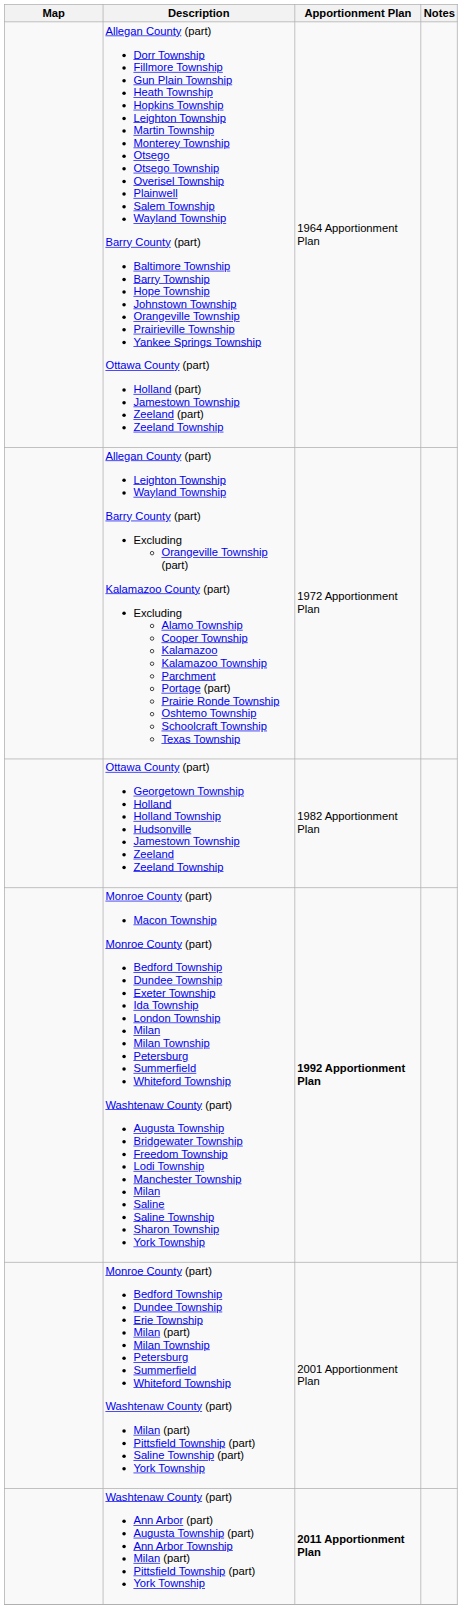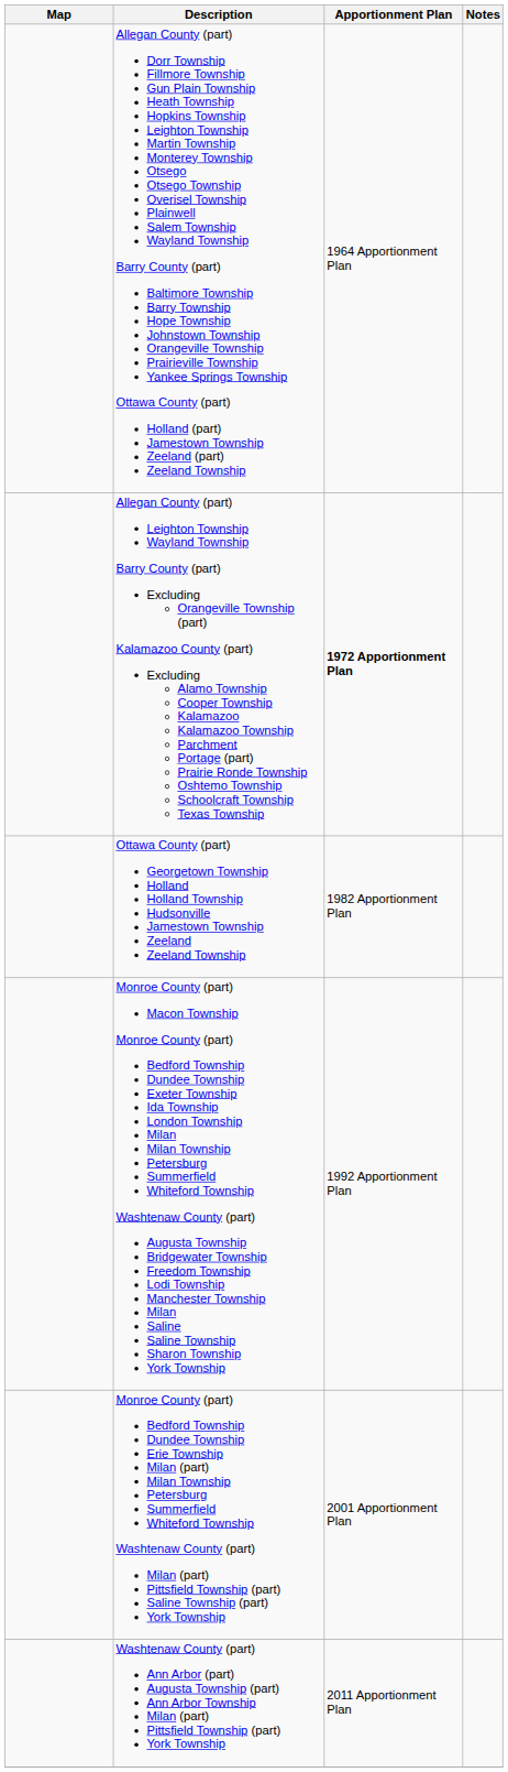 <table class="wikitable sortable">
 <tr>
 <th style="width:100pt;">Map</th>
 <th style="width:200pt;">Description</th>
 <th style="width:130pt;">Apportionment Plan</th>
 <th style="width:15pt;">Notes</th>
 </tr>
 <tr>
 <td></td>
 <td><a href='#'>Allegan County</a> (part)<br><ul><li><a href='#'>Dorr Township</a></li><li><a href='#'>Fillmore Township</a></li><li><a href='#'>Gun Plain Township</a></li><li><a href='#'>Heath Township</a></li><li><a href='#'>Hopkins Township</a></li><li><a href='#'>Leighton Township</a></li><li><a href='#'>Martin Township</a></li><li><a href='#'>Monterey Township</a></li><li><a href='#'>Otsego</a></li><li><a href='#'>Otsego Township</a></li><li><a href='#'>Overisel Township</a></li><li><a href='#'>Plainwell</a></li><li><a href='#'>Salem Township</a></li><li><a href='#'>Wayland Township</a></li></ul><a href='#'>Barry County</a> (part)<ul><li><a href='#'>Baltimore Township</a></li><li><a href='#'>Barry Township</a></li><li><a href='#'>Hope Township</a></li><li><a href='#'>Johnstown Township</a></li><li><a href='#'>Orangeville Township</a></li><li><a href='#'>Prairieville Township</a></li><li><a href='#'>Yankee Springs Township</a></li></ul><a href='#'>Ottawa County</a> (part)<ul><li><a href='#'>Holland</a> (part)</li><li><a href='#'>Jamestown Township</a></li><li><a href='#'>Zeeland</a> (part)</li><li><a href='#'>Zeeland Township</a></li></ul></td>
 <td>1964 Apportionment Plan</td>
 <td></td>
 </tr>
 <tr>
 <td></td>
 <td><a href='#'>Allegan County</a> (part)<br><ul><li><a href='#'>Leighton Township</a></li><li><a href='#'>Wayland Township</a></li></ul><a href='#'>Barry County</a> (part)<ul><li>Excluding<ul><li><a href='#'>Orangeville Township</a> (part)</li></ul></li></ul><a href='#'>Kalamazoo County</a> (part)<ul><li>Excluding<ul><li><a href='#'>Alamo Township</a></li><li><a href='#'>Cooper Township</a></li><li><a href='#'>Kalamazoo</a></li><li><a href='#'>Kalamazoo Township</a></li><li><a href='#'>Parchment</a></li><li><a href='#'>Portage</a> (part)</li><li><a href='#'>Prairie Ronde Township</a></li><li><a href='#'>Oshtemo Township</a></li><li><a href='#'>Schoolcraft Township</a></li><li><a href='#'>Texas Township</a></li></ul></li></ul></td>
-<td>1972 Apportionment Plan</td>
+<td><strong>1972 Apportionment Plan</strong></td>
 <td></td>
 </tr>
 <tr>
 <td></td>
 <td><a href='#'>Ottawa County</a> (part)<br><ul><li><a href='#'>Georgetown Township</a></li><li><a href='#'>Holland</a></li><li><a href='#'>Holland Township</a></li><li><a href='#'>Hudsonville</a></li><li><a href='#'>Jamestown Township</a></li><li><a href='#'>Zeeland</a></li><li><a href='#'>Zeeland Township</a></li></ul></td>
 <td>1982 Apportionment Plan</td>
 <td></td>
 </tr>
 <tr>
 <td></td>
 <td><a href='#'>Monroe County</a> (part)<br><ul><li><a href='#'>Macon Township</a></li></ul><a href='#'>Monroe County</a> (part)<ul><li><a href='#'>Bedford Township</a></li><li><a href='#'>Dundee Township</a></li><li><a href='#'>Exeter Township</a></li><li><a href='#'>Ida Township</a></li><li><a href='#'>London Township</a></li><li><a href='#'>Milan</a></li><li><a href='#'>Milan Township</a></li><li><a href='#'>Petersburg</a></li><li><a href='#'>Summerfield</a></li><li><a href='#'>Whiteford Township</a></li></ul><a href='#'>Washtenaw County</a> (part)<ul><li><a href='#'>Augusta Township</a></li><li><a href='#'>Bridgewater Township</a></li><li><a href='#'>Freedom Township</a></li><li><a href='#'>Lodi Township</a></li><li><a href='#'>Manchester Township</a></li><li><a href='#'>Milan</a></li><li><a href='#'>Saline</a></li><li><a href='#'>Saline Township</a></li><li><a href='#'>Sharon Township</a></li><li><a href='#'>York Township</a></li></ul></td>
-<td><strong>1992 Apportionment Plan</strong></td>
+<td>1992 Apportionment Plan</td>
 <td></td>
 </tr>
 <tr>
 <td></td>
 <td><a href='#'>Monroe County</a> (part)<br><ul><li><a href='#'>Bedford Township</a></li><li><a href='#'>Dundee Township</a></li><li><a href='#'>Erie Township</a></li><li><a href='#'>Milan</a> (part)</li><li><a href='#'>Milan Township</a></li><li><a href='#'>Petersburg</a></li><li><a href='#'>Summerfield</a></li><li><a href='#'>Whiteford Township</a></li></ul><a href='#'>Washtenaw County</a> (part)<ul><li><a href='#'>Milan</a> (part)</li><li><a href='#'>Pittsfield Township</a> (part)</li><li><a href='#'>Saline Township</a> (part)</li><li><a href='#'>York Township</a></li></ul></td>
 <td>2001 Apportionment Plan</td>
 <td></td>
 </tr>
 <tr>
 <td></td>
 <td><a href='#'>Washtenaw County</a> (part)<br><ul><li><a href='#'>Ann Arbor</a> (part)</li><li><a href='#'>Augusta Township</a> (part)</li><li><a href='#'>Ann Arbor Township</a></li><li><a href='#'>Milan</a> (part)</li><li><a href='#'>Pittsfield Township</a> (part)</li><li><a href='#'>York Township</a></li></ul></td>
-<td><strong>2011 Apportionment Plan</strong></td>
+<td>2011 Apportionment Plan</td>
 <td></td>
 </tr>
 <tr>
 </tr>
 </table>
